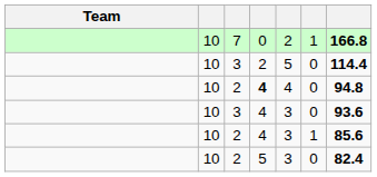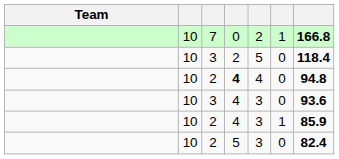 <table class="wikitable" style="text-align:center">
 <tr>
 <th style="width:200px">Team</th>
 <th width="20"></th>
 <th width="20"></th>
 <th width="20"></th>
 <th width="20"></th>
 <th width="20"></th>
 <th width="20"></th>
 </tr>
 <tr style="background:#cfc">
 <td style="text-align:left;"></td>
 <td>10</td>
 <td>7</td>
 <td>0</td>
 <td>2</td>
 <td>1</td>
 <td><strong>166.8</strong></td>
 </tr>
 <tr>
 <td style="text-align:left;"></td>
 <td>10</td>
 <td>3</td>
 <td>2</td>
 <td>5</td>
 <td>0</td>
-<td><strong>114.4</strong></td>
+<td><strong>118.4</strong></td>
 </tr>
 <tr>
 <td style="text-align:left;"></td>
 <td>10</td>
 <td>2</td>
 <td><strong>4</strong></td>
 <td>4</td>
 <td>0</td>
 <td><strong>94.8</strong></td>
 </tr>
 <tr>
 <td style="text-align:left;"></td>
 <td>10</td>
 <td>3</td>
 <td>4</td>
 <td>3</td>
 <td>0</td>
 <td><strong>93.6</strong></td>
 </tr>
 <tr>
 <td style="text-align:left;"></td>
 <td>10</td>
 <td>2</td>
 <td>4</td>
 <td>3</td>
 <td>1</td>
-<td><strong>85.6</strong></td>
+<td><strong>85.9</strong></td>
 </tr>
 <tr>
 <td style="text-align:left;"></td>
 <td>10</td>
 <td>2</td>
 <td>5</td>
 <td>3</td>
 <td>0</td>
 <td><strong>82.4</strong></td>
 </tr>
 </table>
